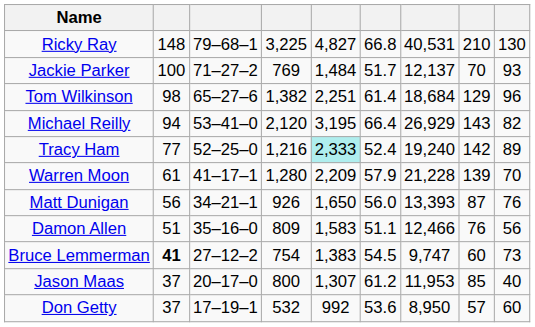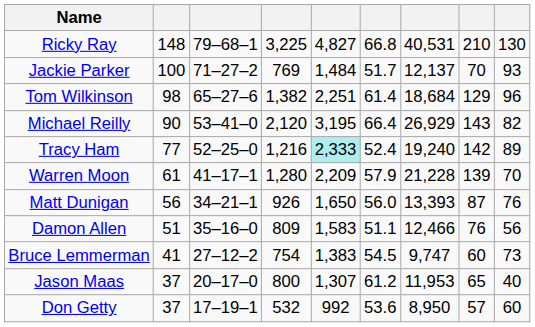 <table class="wikitable sortable" style="text-align:center">
 <tr>
 <th>Name</th>
 <th></th>
 <th></th>
 <th></th>
 <th></th>
 <th></th>
 <th></th>
 <th></th>
 <th></th>
 </tr>
 <tr>
 <td><a href='#'>Ricky Ray</a></td>
 <td>148</td>
 <td>79–68–1</td>
 <td>3,225</td>
 <td>4,827</td>
 <td>66.8</td>
 <td>40,531</td>
 <td>210</td>
 <td>130</td>
 </tr>
 <tr>
 <td><a href='#'>Jackie Parker</a></td>
 <td>100</td>
 <td>71–27–2</td>
 <td>769</td>
 <td>1,484</td>
 <td>51.7</td>
 <td>12,137</td>
 <td>70</td>
 <td>93</td>
 </tr>
 <tr>
 <td><a href='#'>Tom Wilkinson</a></td>
 <td>98</td>
 <td>65–27–6</td>
 <td>1,382</td>
 <td>2,251</td>
 <td>61.4</td>
 <td>18,684</td>
 <td>129</td>
 <td>96</td>
 </tr>
 <tr>
 <td><a href='#'>Michael Reilly</a></td>
-<td>94</td>
+<td>90</td>
 <td>53–41–0</td>
 <td>2,120</td>
 <td>3,195</td>
 <td>66.4</td>
 <td>26,929</td>
 <td>143</td>
 <td>82</td>
 </tr>
 <tr>
 <td><a href='#'>Tracy Ham</a></td>
 <td>77</td>
 <td>52–25–0</td>
 <td>1,216</td>
 <td style="background: paleturquoise;">2,333</td>
 <td>52.4</td>
 <td>19,240</td>
 <td>142</td>
 <td>89</td>
 </tr>
 <tr>
 <td><a href='#'>Warren Moon</a></td>
 <td>61</td>
 <td>41–17–1</td>
 <td>1,280</td>
 <td>2,209</td>
 <td>57.9</td>
 <td>21,228</td>
 <td>139</td>
 <td>70</td>
 </tr>
 <tr>
 <td><a href='#'>Matt Dunigan</a></td>
 <td>56</td>
 <td>34–21–1</td>
 <td>926</td>
 <td>1,650</td>
 <td>56.0</td>
 <td>13,393</td>
 <td>87</td>
 <td>76</td>
 </tr>
 <tr>
 <td><a href='#'>Damon Allen</a></td>
 <td>51</td>
 <td>35–16–0</td>
 <td>809</td>
 <td>1,583</td>
 <td>51.1</td>
 <td>12,466</td>
 <td>76</td>
 <td>56</td>
 </tr>
 <tr>
 <td><a href='#'>Bruce Lemmerman</a></td>
-<td><strong>41</strong></td>
+<td>41</td>
 <td>27–12–2</td>
 <td>754</td>
 <td>1,383</td>
 <td>54.5</td>
 <td>9,747</td>
 <td>60</td>
 <td>73</td>
 </tr>
 <tr>
 <td><a href='#'>Jason Maas</a></td>
 <td>37</td>
 <td>20–17–0</td>
 <td>800</td>
 <td>1,307</td>
 <td>61.2</td>
 <td>11,953</td>
-<td>85</td>
+<td>65</td>
 <td>40</td>
 </tr>
 <tr>
 <td><a href='#'>Don Getty</a></td>
 <td>37</td>
 <td>17–19–1</td>
 <td>532</td>
 <td>992</td>
 <td>53.6</td>
 <td>8,950</td>
 <td>57</td>
 <td>60</td>
 </tr>
 </table>
